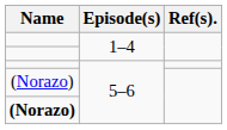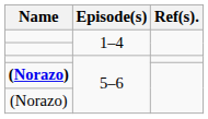 <table class="wikitable" style="text-align:center;">
 <tr>
 <th>Name</th>
 <th>Episode(s)</th>
 <th>Ref(s).</th>
 </tr>
 <tr>
 <td></td>
 <td rowspan=2>1–4</td>
 <td rowspan=2></td>
 </tr>
 <tr>
 <td></td>
 </tr>
 <tr>
 <td></td>
 <td rowspan=3>5–6</td>
 <td></td>
 </tr>
 <tr>
-<td> (<a href='#'>Norazo</a>)</td>
+<td><strong> (<a href='#'>Norazo</a>)</strong></td>
 <td rowspan=2></td>
 </tr>
 <tr>
-<td><strong> (Norazo)</strong></td>
+<td> (Norazo)</td>
 </tr>
 </table>
